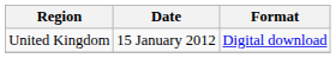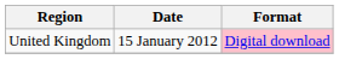 <table class=wikitable>
 <tr>
 <th>Region</th>
 <th>Date</th>
 <th>Format</th>
 </tr>
 <tr>
 <td>United Kingdom</td>
 <td>15 January 2012</td>
-<td><a href='#'>Digital download</a></td>
+<td style="background: pink;"><a href='#'>Digital download</a></td>
 </tr>
 <tr>
 </tr>
 </table>
